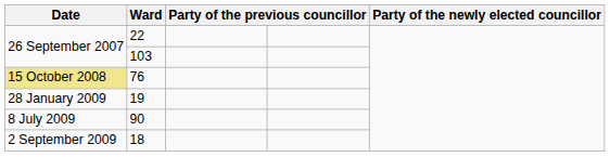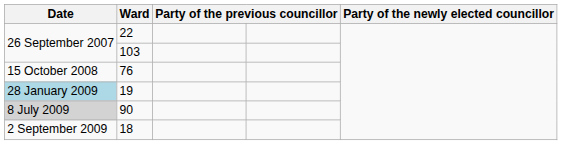 <table class="wikitable">
 <tr>
 <th>Date</th>
 <th>Ward</th>
 <th colspan=2>Party of the previous councillor</th>
 <th colspan=2>Party of the newly elected councillor</th>
 </tr>
 <tr>
 <td rowspan=2>26 September 2007</td>
 <td>22</td>
 <td></td>
 <td></td>
 </tr>
 <tr>
 <td>103</td>
 <td></td>
 <td></td>
 </tr>
 <tr>
-<td style="background: khaki;">15 October 2008</td>
+<td>15 October 2008</td>
 <td>76</td>
 <td></td>
 <td></td>
 </tr>
 <tr>
-<td>28 January 2009</td>
+<td style="background: lightblue;">28 January 2009</td>
 <td>19</td>
 <td></td>
 <td></td>
 </tr>
 <tr>
-<td>8 July 2009</td>
+<td style="background: lightgrey;">8 July 2009</td>
 <td>90</td>
 <td></td>
 <td></td>
 </tr>
 <tr>
 <td>2 September 2009</td>
 <td>18</td>
 <td></td>
 <td></td>
 </tr>
 </table>
